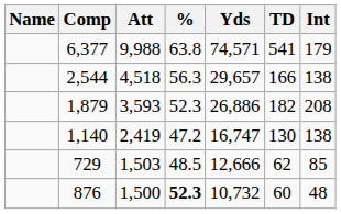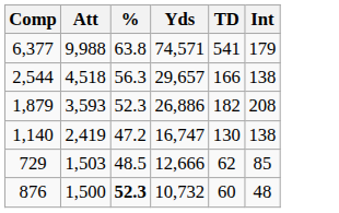 <table class="wikitable sortable" style="text-align:center">
 <tr>
-<th scope="col">Name</th>
 <th scope="col">Comp</th>
 <th scope="col">Att</th>
 <th scope="col">%</th>
 <th scope="col">Yds</th>
 <th scope="col">TD</th>
 <th scope="col">Int</th>
 </tr>
 <tr>
-<td></td>
 <td>6,377</td>
 <td>9,988</td>
 <td>63.8</td>
 <td>74,571</td>
 <td>541</td>
 <td>179</td>
 </tr>
 <tr>
-<td></td>
 <td>2,544</td>
 <td>4,518</td>
 <td>56.3</td>
 <td>29,657</td>
 <td>166</td>
 <td>138</td>
 </tr>
 <tr>
-<td></td>
 <td>1,879</td>
 <td>3,593</td>
 <td>52.3</td>
 <td>26,886</td>
 <td>182</td>
 <td>208</td>
 </tr>
 <tr>
-<td></td>
 <td>1,140</td>
 <td>2,419</td>
 <td>47.2</td>
 <td>16,747</td>
 <td>130</td>
 <td>138</td>
 </tr>
 <tr>
-<td></td>
 <td>729</td>
 <td>1,503</td>
 <td>48.5</td>
 <td>12,666</td>
 <td>62</td>
 <td>85</td>
 </tr>
 <tr>
-<td></td>
 <td>876</td>
 <td>1,500</td>
 <td><strong>52.3</strong></td>
 <td>10,732</td>
 <td>60</td>
 <td>48</td>
 </tr>
 </table>
